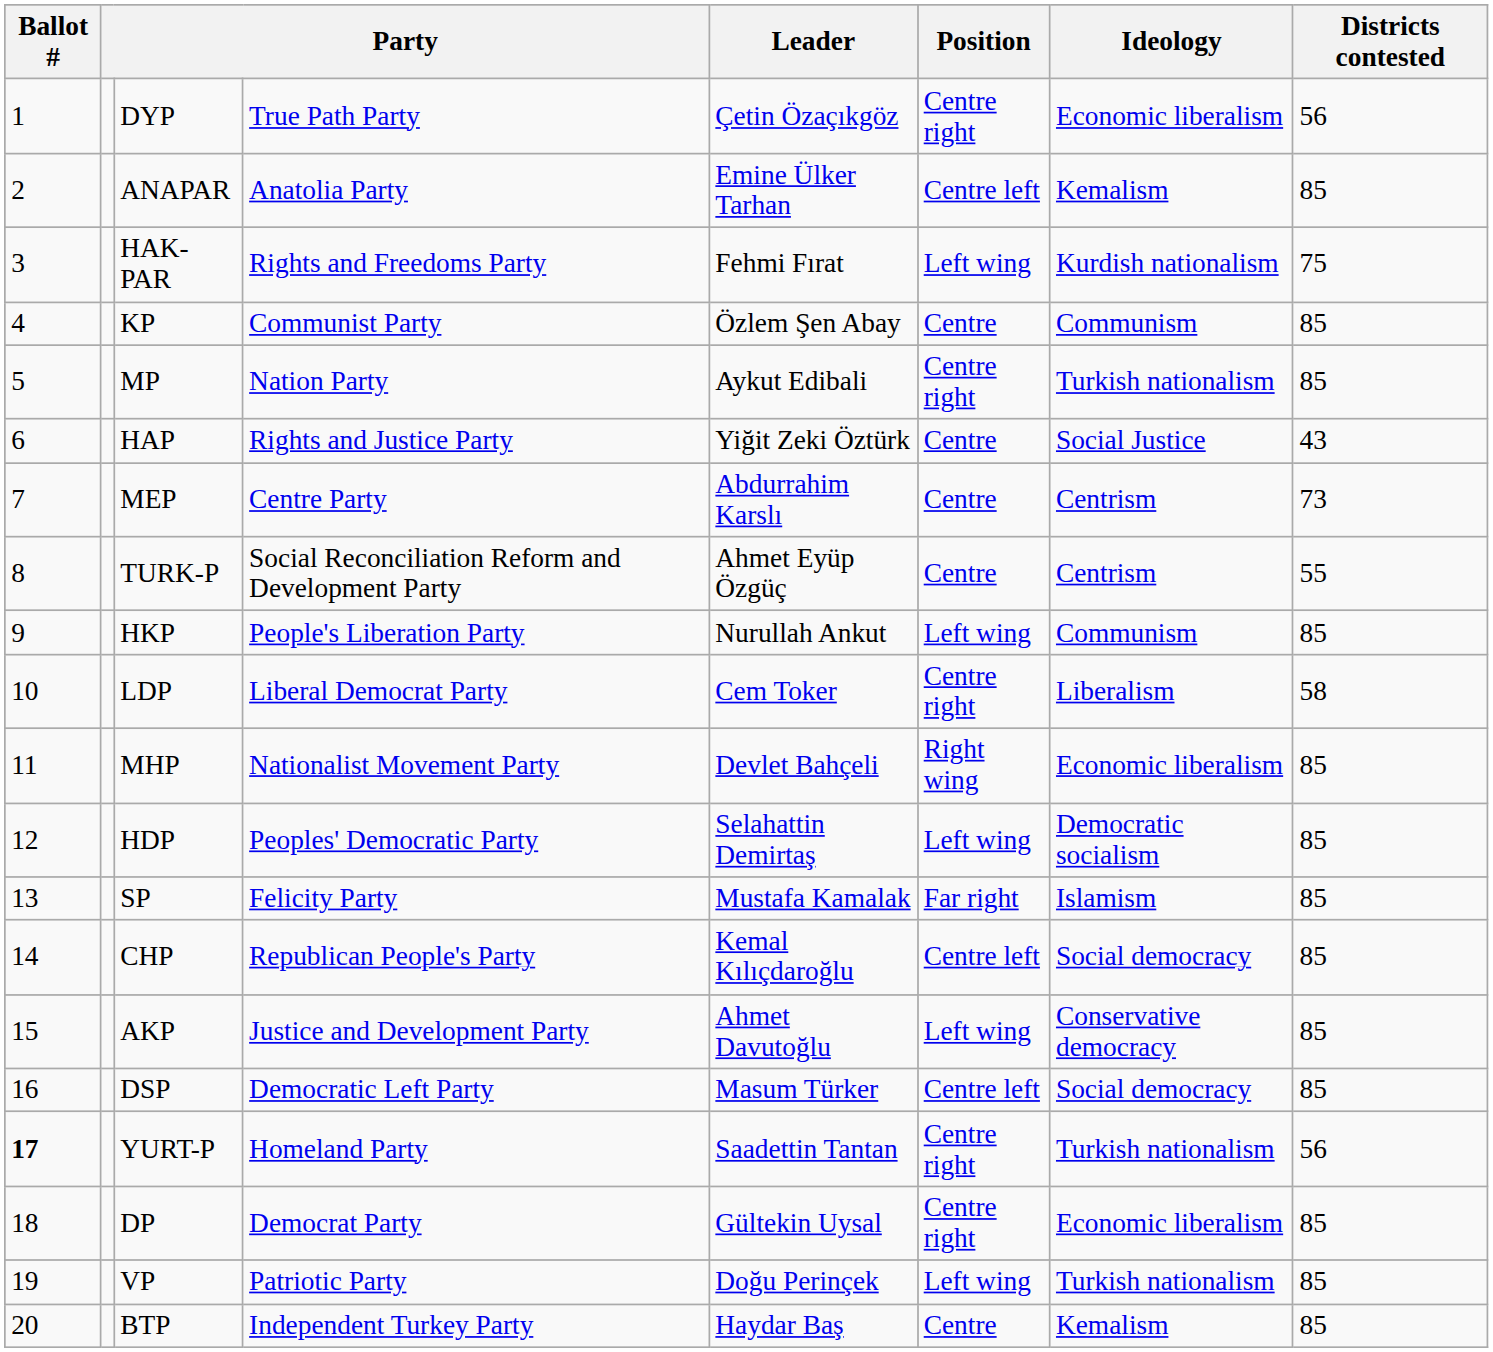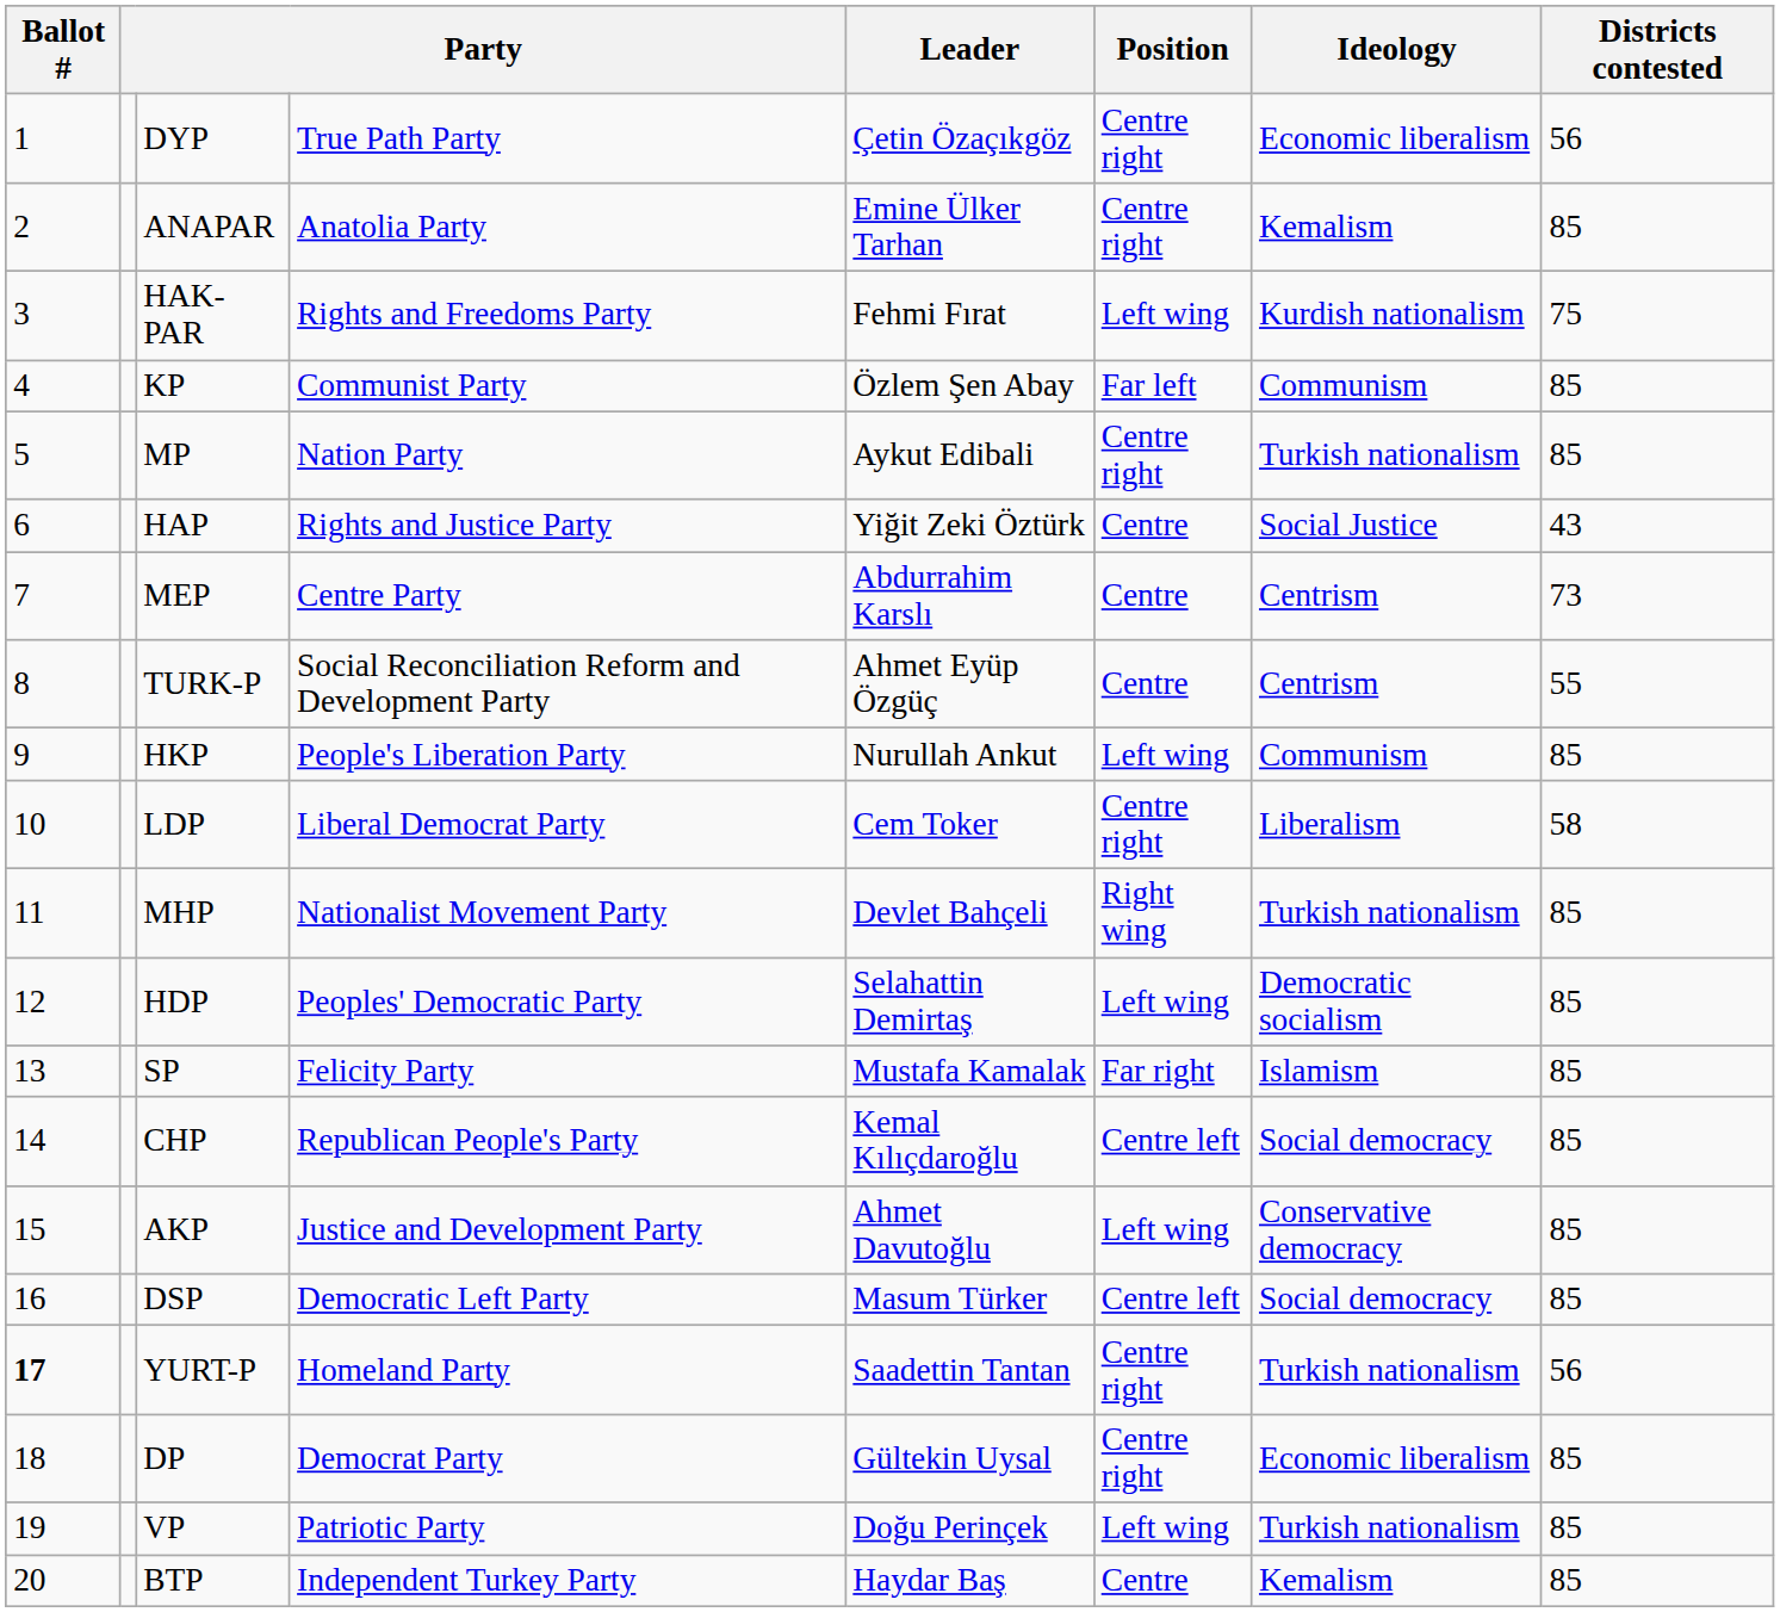 <table class="wikitable">
 <tr>
 <th>Ballot #</th>
 <th colspan="3">Party</th>
 <th>Leader</th>
 <th>Position</th>
 <th>Ideology</th>
 <th>Districts contested</th>
 </tr>
 <tr>
 <td>1</td>
 <td style="background:"></td>
 <td>DYP</td>
 <td><a href='#'>True Path Party</a></td>
 <td><a href='#'>Çetin Özaçıkgöz</a></td>
 <td><a href='#'>Centre right</a></td>
 <td><a href='#'>Economic liberalism</a></td>
 <td>56</td>
 </tr>
 <tr>
 <td>2</td>
 <td style="background: "></td>
 <td>ANAPAR</td>
 <td><a href='#'>Anatolia Party</a></td>
 <td><a href='#'>Emine Ülker Tarhan</a></td>
-<td><a href='#'>Centre left</a></td>
+<td><a href='#'>Centre right</a></td>
 <td><a href='#'>Kemalism</a></td>
 <td>85</td>
 </tr>
 <tr>
 <td>3</td>
 <td style="background: "></td>
 <td>HAK-PAR</td>
 <td><a href='#'>Rights and Freedoms Party</a></td>
 <td>Fehmi Fırat</td>
 <td><a href='#'>Left wing</a></td>
 <td><a href='#'>Kurdish nationalism</a></td>
 <td>75</td>
 </tr>
 <tr>
 <td>4</td>
 <td style="background: "></td>
 <td>KP</td>
 <td><a href='#'>Communist Party</a></td>
 <td>Özlem Şen Abay</td>
-<td><a href='#'>Centre</a></td>
+<td><a href='#'>Far left</a></td>
 <td><a href='#'>Communism</a></td>
 <td>85</td>
 </tr>
 <tr>
 <td>5</td>
 <td style="background: "></td>
 <td>MP</td>
 <td><a href='#'>Nation Party</a></td>
 <td>Aykut Edibali</td>
 <td><a href='#'>Centre right</a></td>
 <td><a href='#'>Turkish nationalism</a></td>
 <td>85</td>
 </tr>
 <tr>
 <td>6</td>
 <td style="background:"></td>
 <td>HAP</td>
 <td><a href='#'>Rights and Justice Party</a></td>
 <td>Yiğit Zeki Öztürk</td>
 <td><a href='#'>Centre</a></td>
 <td><a href='#'>Social Justice</a></td>
 <td>43</td>
 </tr>
 <tr>
 <td>7</td>
 <td style="background: "></td>
 <td>MEP</td>
 <td><a href='#'>Centre Party</a></td>
 <td><a href='#'>Abdurrahim Karslı</a></td>
 <td><a href='#'>Centre</a></td>
 <td><a href='#'>Centrism</a></td>
 <td>73</td>
 </tr>
 <tr>
 <td>8</td>
 <td style="background: "></td>
 <td>TURK-P</td>
 <td>Social Reconciliation Reform and Development Party</td>
 <td>Ahmet Eyüp Özgüç</td>
 <td><a href='#'>Centre</a></td>
 <td><a href='#'>Centrism</a></td>
 <td>55</td>
 </tr>
 <tr>
 <td>9</td>
 <td style="background: "></td>
 <td>HKP</td>
 <td><a href='#'>People's Liberation Party</a></td>
 <td>Nurullah Ankut</td>
 <td><a href='#'>Left wing</a></td>
 <td><a href='#'>Communism</a></td>
 <td>85</td>
 </tr>
 <tr>
 <td>10</td>
 <td style="background:"></td>
 <td>LDP</td>
 <td><a href='#'>Liberal Democrat Party</a></td>
 <td><a href='#'>Cem Toker</a></td>
 <td><a href='#'>Centre right</a></td>
 <td><a href='#'>Liberalism</a></td>
 <td>58</td>
 </tr>
 <tr>
 <td>11</td>
 <td style="background: "></td>
 <td>MHP</td>
 <td><a href='#'>Nationalist Movement Party</a></td>
 <td><a href='#'>Devlet Bahçeli</a></td>
 <td><a href='#'>Right wing</a></td>
-<td><a href='#'>Economic liberalism</a></td>
+<td><a href='#'>Turkish nationalism</a></td>
 <td>85</td>
 </tr>
 <tr>
 <td>12</td>
 <td style="background: "></td>
 <td>HDP</td>
 <td><a href='#'>Peoples' Democratic Party</a></td>
 <td><a href='#'>Selahattin Demirtaş</a></td>
 <td><a href='#'>Left wing</a></td>
 <td><a href='#'>Democratic socialism</a></td>
 <td>85</td>
 </tr>
 <tr>
 <td>13</td>
 <td style="background: "></td>
 <td>SP</td>
 <td><a href='#'>Felicity Party</a> </td>
 <td><a href='#'>Mustafa Kamalak</a></td>
 <td><a href='#'>Far right</a></td>
 <td><a href='#'>Islamism</a></td>
 <td>85</td>
 </tr>
 <tr>
 <td>14</td>
 <td style="background: "></td>
 <td>CHP</td>
 <td><a href='#'>Republican People's Party</a></td>
 <td><a href='#'>Kemal Kılıçdaroğlu</a></td>
 <td><a href='#'>Centre left</a></td>
 <td><a href='#'>Social democracy</a></td>
 <td>85</td>
 </tr>
 <tr>
 <td>15</td>
 <td style="background: "></td>
 <td>AKP</td>
 <td><a href='#'>Justice and Development Party</a></td>
 <td><a href='#'>Ahmet Davutoğlu</a></td>
 <td><a href='#'>Left wing</a></td>
 <td><a href='#'>Conservative democracy</a></td>
 <td>85</td>
 </tr>
 <tr>
 <td>16</td>
 <td style="background: "></td>
 <td>DSP</td>
 <td><a href='#'>Democratic Left Party</a></td>
 <td><a href='#'>Masum Türker</a></td>
 <td><a href='#'>Centre left</a></td>
 <td><a href='#'>Social democracy</a></td>
 <td>85</td>
 </tr>
 <tr>
 <td><strong>17</strong></td>
 <td style="background: "></td>
 <td>YURT-P</td>
 <td><a href='#'>Homeland Party</a></td>
 <td><a href='#'>Saadettin Tantan</a></td>
 <td><a href='#'>Centre right</a></td>
 <td><a href='#'>Turkish nationalism</a></td>
 <td>56</td>
 </tr>
 <tr>
 <td>18</td>
 <td style="background: "></td>
 <td>DP</td>
 <td><a href='#'>Democrat Party</a></td>
 <td><a href='#'>Gültekin Uysal</a></td>
 <td><a href='#'>Centre right</a></td>
 <td><a href='#'>Economic liberalism</a></td>
 <td>85</td>
 </tr>
 <tr>
 <td>19</td>
 <td style="background: "></td>
 <td>VP</td>
 <td><a href='#'>Patriotic Party</a></td>
 <td><a href='#'>Doğu Perinçek</a></td>
 <td><a href='#'>Left wing</a></td>
 <td><a href='#'>Turkish nationalism</a></td>
 <td>85</td>
 </tr>
 <tr>
 <td>20</td>
 <td style="background: "></td>
 <td>BTP</td>
 <td><a href='#'>Independent Turkey Party</a></td>
 <td><a href='#'>Haydar Baş</a></td>
 <td><a href='#'>Centre</a></td>
 <td><a href='#'>Kemalism</a></td>
 <td>85</td>
 </tr>
 </table>
